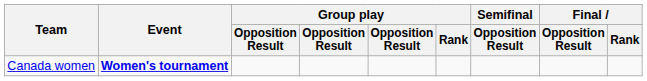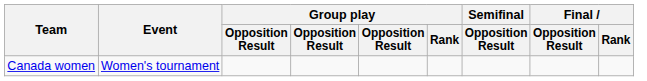 <table class=wikitable style=font-size:90%;text-align:center>
 <tr>
 <th rowspan=2>Team</th>
 <th rowspan=2>Event</th>
 <th colspan=4>Group play</th>
 <th>Semifinal</th>
 <th colspan=2>Final / </th>
 </tr>
 <tr style=font-size:95%>
 <th>Opposition<br>Result</th>
 <th>Opposition<br>Result</th>
 <th>Opposition<br>Result</th>
 <th>Rank</th>
 <th>Opposition<br>Result</th>
 <th>Opposition<br>Result</th>
 <th>Rank</th>
 </tr>
 <tr>
 <td align=left><a href='#'>Canada women</a></td>
-<td align=left><strong><a href='#'>Women's tournament</a></strong></td>
+<td align=left><a href='#'>Women's tournament</a></td>
 <td></td>
 <td></td>
 <td></td>
 <td></td>
 <td></td>
 <td></td>
 <td></td>
 </tr>
 </table>
